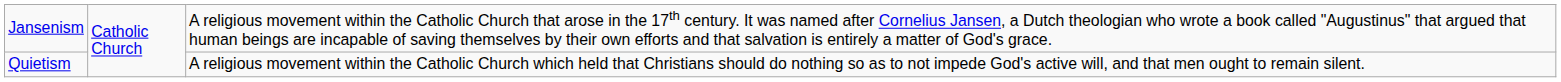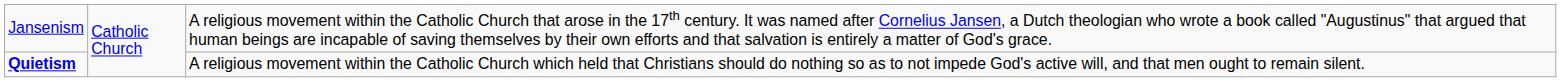 <table class="wikitable">
 <tr>
 <td><a href='#'>Jansenism</a></td>
 <td rowspan="2"><a href='#'>Catholic Church</a></td>
 <td>A religious movement within the Catholic Church that arose in the 17<sup>th</sup> century. It was named after <a href='#'>Cornelius Jansen</a>, a Dutch theologian who wrote a book called "Augustinus" that argued that human beings are incapable of saving themselves by their own efforts and that salvation is entirely a matter of God's grace.</td>
 </tr>
 <tr>
-<td><a href='#'>Quietism</a></td>
+<td><strong><a href='#'>Quietism</a></strong></td>
 <td>A religious movement within the Catholic Church which held that Christians should do nothing so as to not impede God's active will, and that men ought to remain silent.</td>
 </tr>
 </table>
